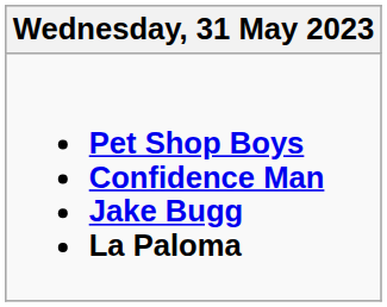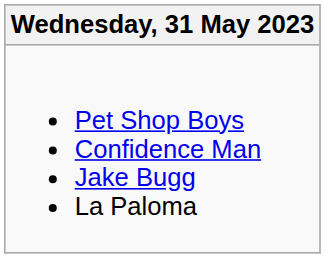 <table class="wikitable">
 <tr>
 <th>Wednesday, 31 May 2023</th>
 </tr>
 <tr valign="top">
-<td><strong><br><ul><li><a href='#'>Pet Shop Boys</a></li><li><a href='#'>Confidence Man</a></li><li><a href='#'>Jake Bugg</a></li><li>La Paloma</li></ul></strong></td>
+<td><br><ul><li><a href='#'>Pet Shop Boys</a></li><li><a href='#'>Confidence Man</a></li><li><a href='#'>Jake Bugg</a></li><li>La Paloma</li></ul></td>
 </tr>
 </table>
